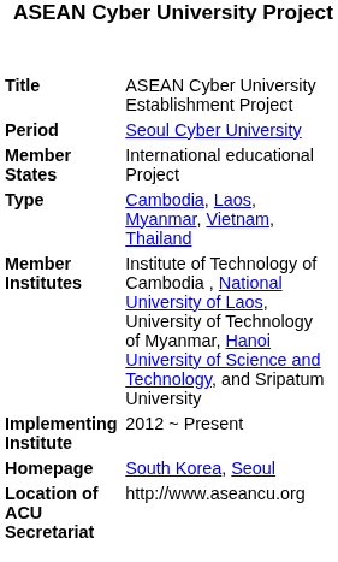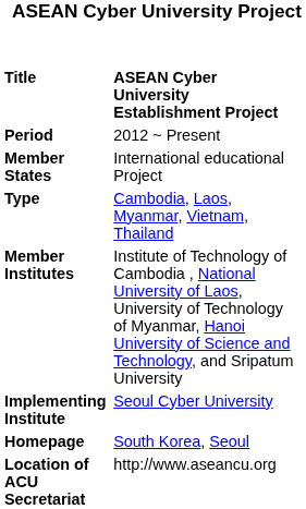 <table class="toccolours" style="float: right; margin-left: 1em; width: 20em; font-size: 90%; clear: right" cellspacing="3">
 <tr>
 <td colspan="2" style="text-align: center; font-size: larger;"><strong>ASEAN Cyber University Project</strong></td>
 </tr>
 <tr>
 <td colspan="2" style="padding: 1em 0; text-align: center;"></td>
 </tr>
 <tr style="vertical-align: top;">
 <td style="padding-right: 1em;"></td>
 </tr>
 <tr style="vertical-align: top;">
 <td><strong>Title</strong></td>
-<td style="padding-right: 1em;">ASEAN Cyber University Establishment Project</td>
+<td style="padding-right: 1em;"><strong>ASEAN Cyber University Establishment Project</strong></td>
 </tr>
 <tr style="vertical-align: top;">
 <td><strong>Period</strong></td>
-<td style="padding-right: 1em;"><a href='#'>Seoul Cyber University</a></td>
+<td style="padding-right: 1em;">2012 ~ Present</td>
 </tr>
 <tr style="vertical-align: top;">
 <td><strong>Member States</strong></td>
 <td style="padding-right: 1em;">International educational Project</td>
 </tr>
 <tr style="vertical-align: top;">
 <td><strong>Type</strong></td>
 <td style="padding-right: 1em;"><a href='#'>Cambodia</a>, <a href='#'>Laos</a>, <a href='#'>Myanmar</a>, <a href='#'>Vietnam</a>, <a href='#'>Thailand</a></td>
 </tr>
 <tr style="vertical-align: top;">
 <td><strong>Member Institutes</strong></td>
 <td style="padding-right: 1em;">Institute of Technology of Cambodia , <a href='#'>National University of Laos</a>, University of Technology of Myanmar, <a href='#'>Hanoi University of Science and Technology</a>, and Sripatum University </td>
 </tr>
 <tr style="vertical-align: top;">
 <td><strong>Implementing Institute</strong></td>
-<td style="padding-right: 1em;">2012 ~ Present</td>
+<td style="padding-right: 1em;"><a href='#'>Seoul Cyber University</a></td>
 </tr>
 <tr style="vertical-align: top;">
 <td><strong>Homepage</strong></td>
 <td style="padding-right: 1em;"> <a href='#'>South Korea</a>, <a href='#'>Seoul</a></td>
 </tr>
 <tr style="vertical-align: top;">
 <td><strong>Location of ACU Secretariat</strong></td>
 <td style="padding-right: 1em;">http://www.aseancu.org</td>
 </tr>
 </table>
